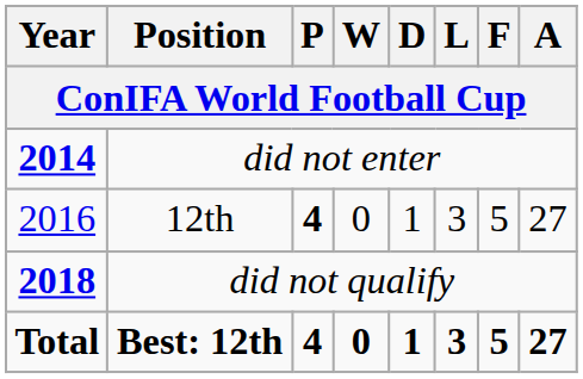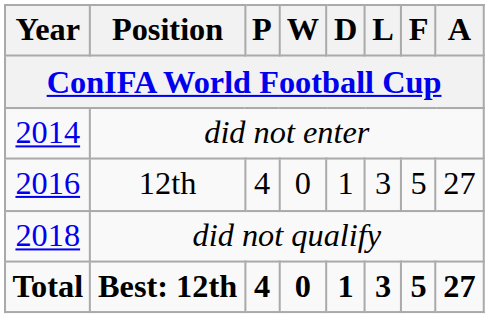 <table class="wikitable" style="text-align: center;">
 <tr>
 <th>Year</th>
 <th>Position</th>
 <th>P</th>
 <th>W</th>
 <th>D</th>
 <th>L</th>
 <th>F</th>
 <th>A</th>
 </tr>
 <tr>
 <th colspan=8><a href='#'>ConIFA World Football Cup</a></th>
 </tr>
 <tr>
-<td><strong> <a href='#'>2014</a></strong></td>
+<td> <a href='#'>2014</a></td>
 <td colspan=7><em>did not enter</em></td>
 </tr>
 <tr>
 <td> <a href='#'>2016</a></td>
 <td>12th</td>
-<td><strong>4</strong></td>
+<td>4</td>
 <td>0</td>
 <td>1</td>
 <td>3</td>
 <td>5</td>
 <td>27</td>
 </tr>
 <tr>
-<td><strong> <a href='#'>2018</a></strong></td>
+<td> <a href='#'>2018</a></td>
 <td colspan=7><em>did not qualify</em></td>
 </tr>
 <tr>
 <td><strong>Total</strong></td>
 <td><strong>Best: 12th</strong></td>
 <td><strong>4</strong></td>
 <td><strong>0</strong></td>
 <td><strong>1</strong></td>
 <td><strong>3</strong></td>
 <td><strong>5</strong></td>
 <td><strong>27</strong></td>
 </tr>
 </table>
